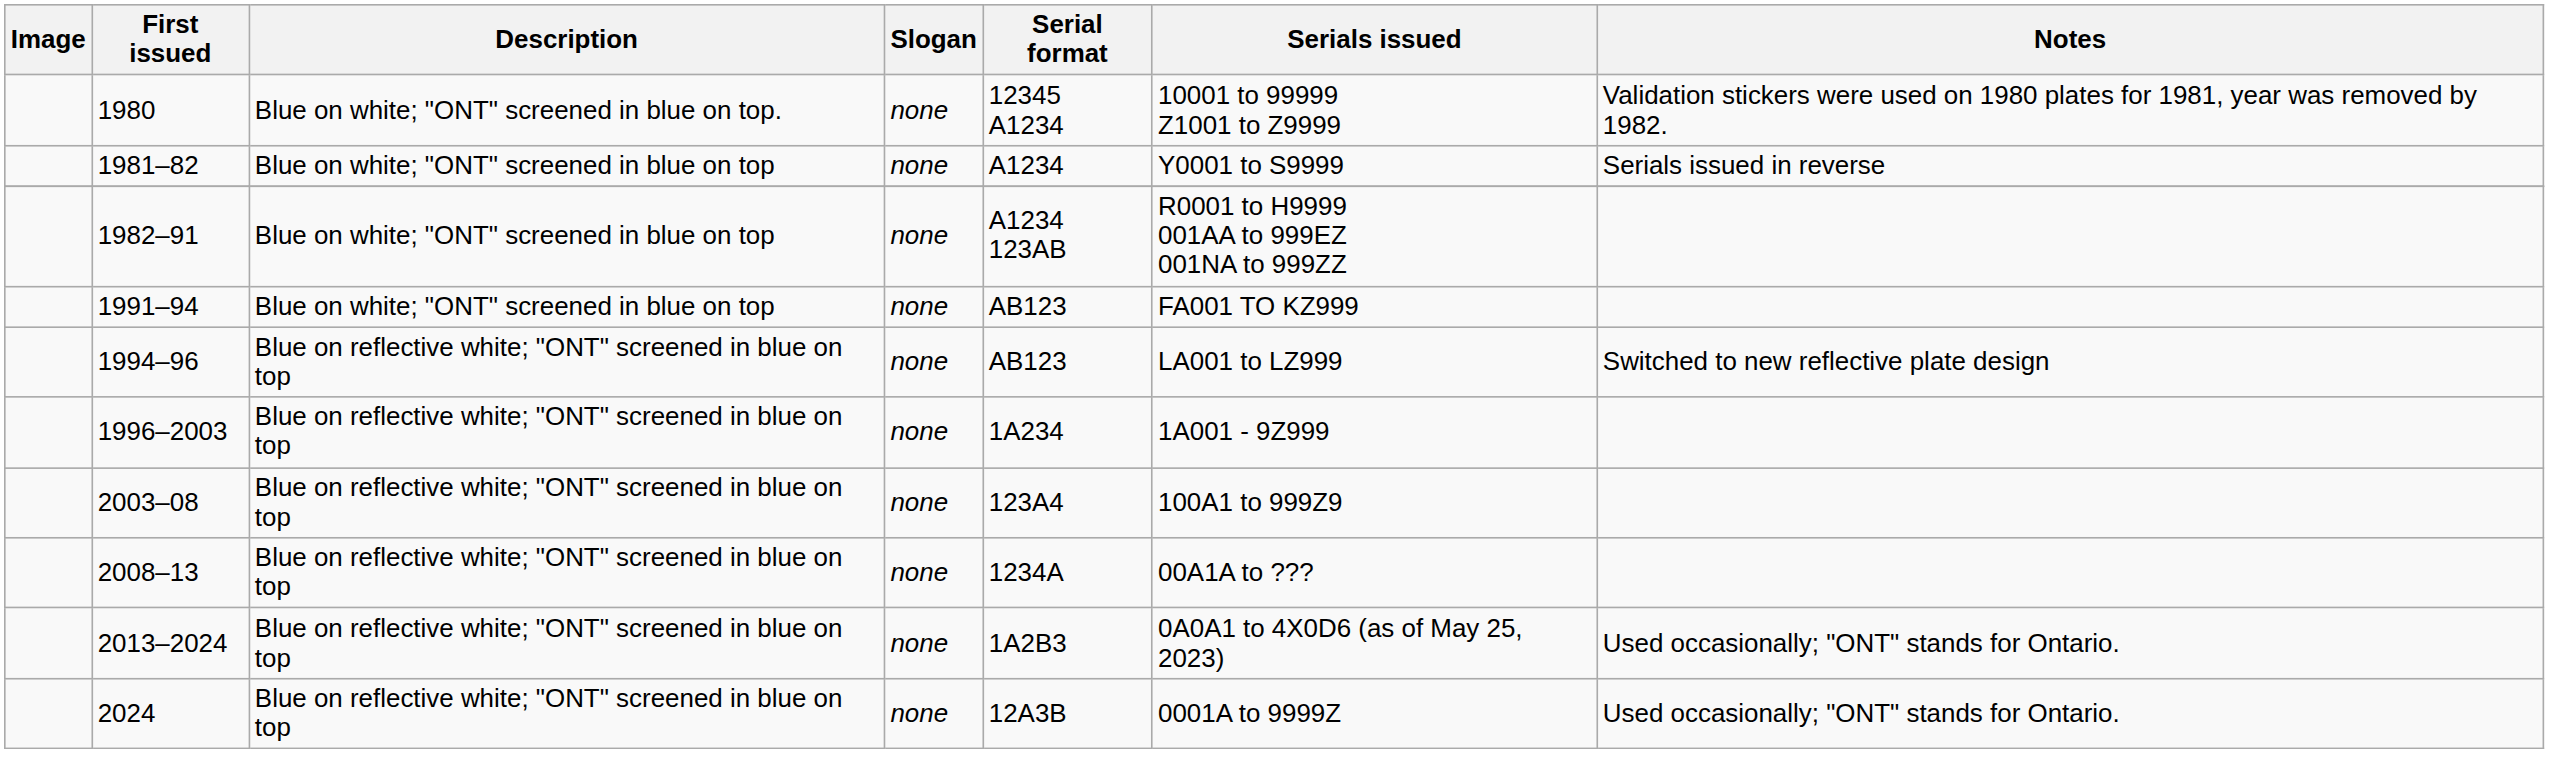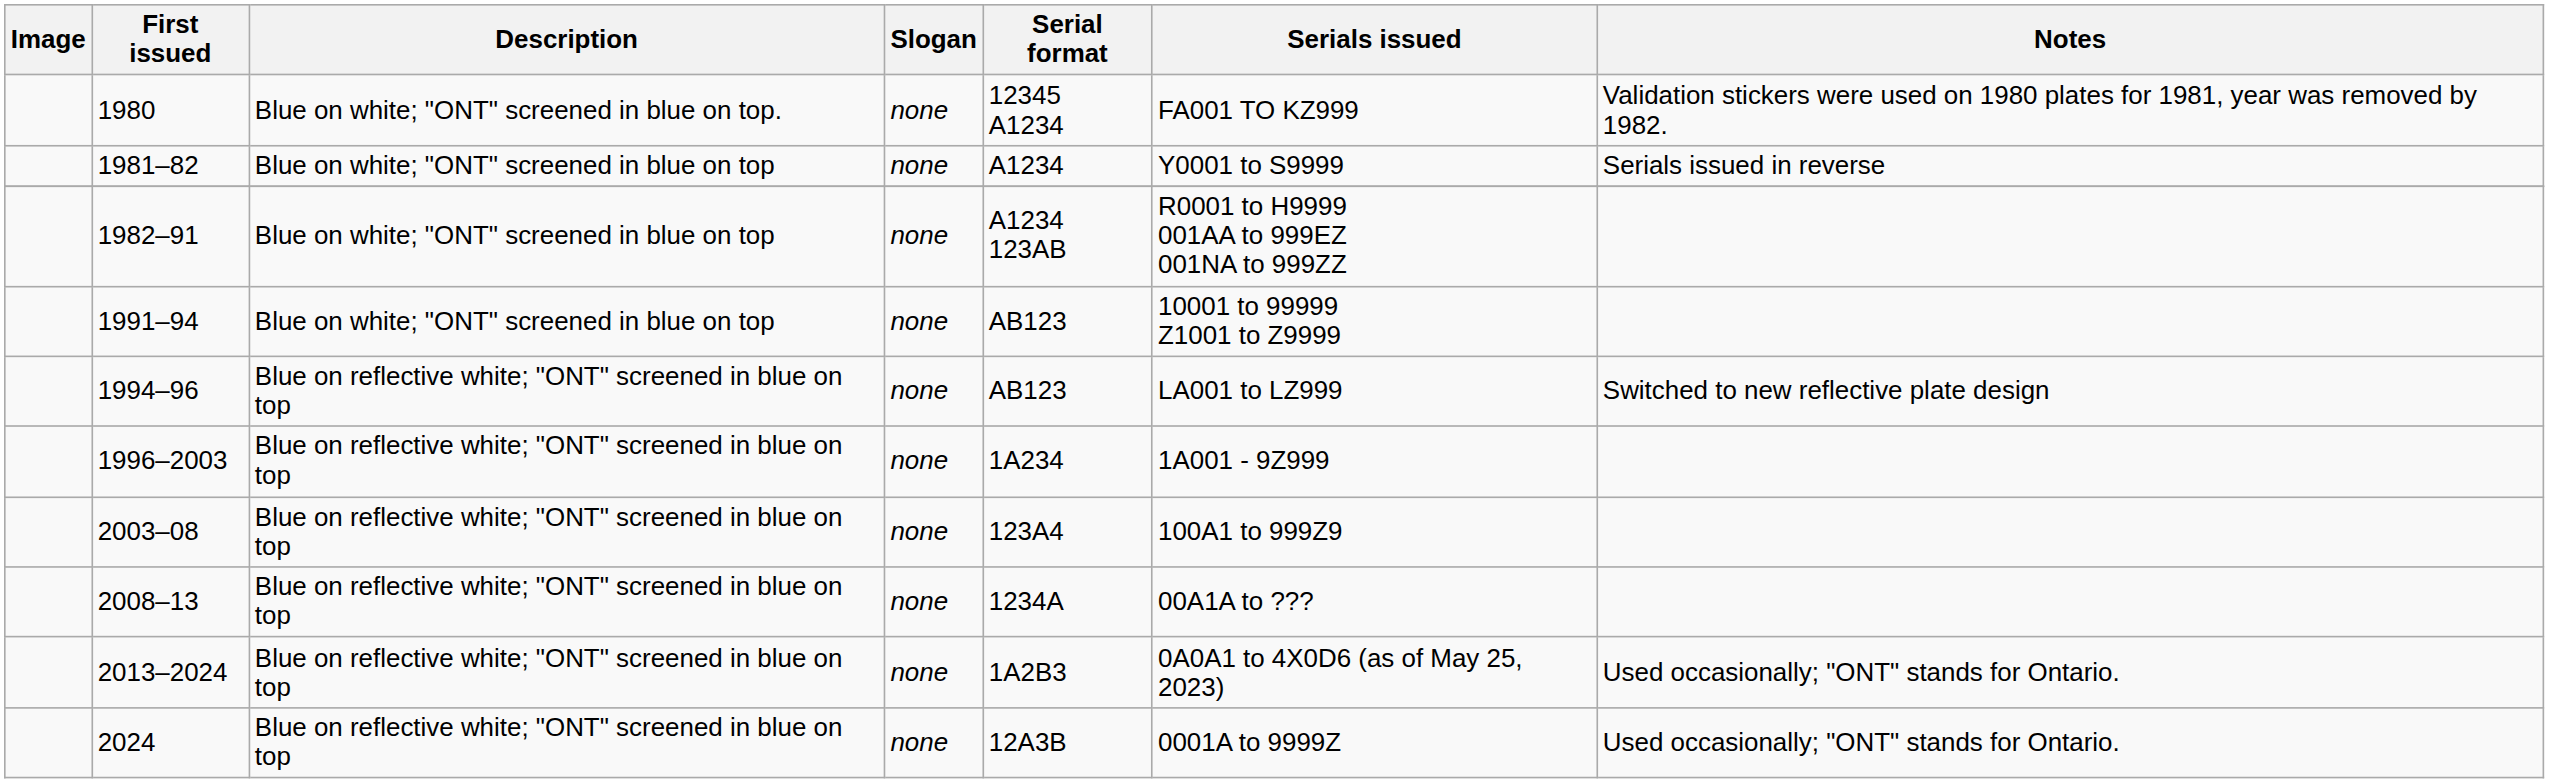 <table class="wikitable">
 <tr>
 <th>Image</th>
 <th>First issued</th>
 <th>Description</th>
 <th>Slogan</th>
 <th>Serial format</th>
 <th>Serials issued</th>
 <th>Notes</th>
 </tr>
 <tr>
 <td></td>
 <td>1980</td>
 <td>Blue on white; "ONT" screened in blue on top.</td>
 <td><em>none</em></td>
 <td>12345<br> A1234</td>
-<td>10001 to 99999<br> Z1001 to Z9999</td>
+<td>FA001 TO KZ999</td>
 <td>Validation stickers were used on 1980 plates for 1981, year was removed by 1982.</td>
 </tr>
 <tr>
 <td></td>
 <td>1981–⁠82</td>
 <td>Blue on white; "ONT" screened in blue on top</td>
 <td><em>none</em></td>
 <td>A1234</td>
 <td>Y0001 to S9999</td>
 <td>Serials issued in reverse</td>
 </tr>
 <tr>
 </tr>
 <tr>
 <td></td>
 <td>1982–⁠91</td>
 <td>Blue on white; "ONT" screened in blue on top</td>
 <td><em>none</em></td>
 <td>A1234<br> 123AB</td>
 <td>R0001 to H9999<br> 001AA to 999EZ<br> 001NA to 999ZZ</td>
 <td></td>
 </tr>
 <tr>
 <td></td>
 <td>1991–⁠94</td>
 <td>Blue on white; "ONT" screened in blue on top</td>
 <td><em>none</em></td>
 <td>AB123</td>
-<td>FA001 TO KZ999</td>
+<td>10001 to 99999<br> Z1001 to Z9999</td>
 <td></td>
 </tr>
 <tr>
 <td></td>
 <td>1994–⁠96</td>
 <td>Blue on reflective white; "ONT" screened in blue on top</td>
 <td><em>none</em></td>
 <td>AB123</td>
 <td>LA001 to LZ999</td>
 <td>Switched to new reflective plate design</td>
 </tr>
 <tr>
 <td></td>
 <td>1996–⁠2003</td>
 <td>Blue on reflective white; "ONT" screened in blue on top</td>
 <td><em>none</em></td>
 <td>1A234</td>
 <td>1A001 - 9Z999</td>
 <td></td>
 </tr>
 <tr>
 <td></td>
 <td>2003–⁠08</td>
 <td>Blue on reflective white; "ONT" screened in blue on top</td>
 <td><em>none</em></td>
 <td>123A4</td>
 <td>100A1 to 999Z9</td>
 <td></td>
 </tr>
 <tr>
 <td></td>
 <td>2008–⁠13</td>
 <td>Blue on reflective white; "ONT" screened in blue on top</td>
 <td><em>none</em></td>
 <td>1234A</td>
 <td>00A1A to ???</td>
 <td></td>
 </tr>
 <tr>
 <td></td>
 <td>2013–2024</td>
 <td>Blue on reflective white; "ONT" screened in blue on top</td>
 <td><em>none</em></td>
 <td>1A2B3</td>
 <td>0A0A1 to 4X0D6 (as of May 25, 2023)</td>
 <td>Used occasionally; "ONT" stands for Ontario.</td>
 </tr>
 <tr>
 <td></td>
 <td>2024</td>
 <td>Blue on reflective white; "ONT" screened in blue on top</td>
 <td><em>none</em></td>
 <td>12A3B</td>
 <td>0001A to 9999Z</td>
 <td>Used occasionally; "ONT" stands for Ontario.</td>
 </tr>
 </table>
